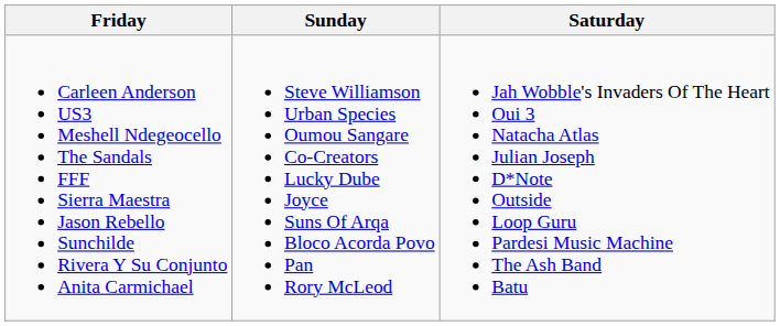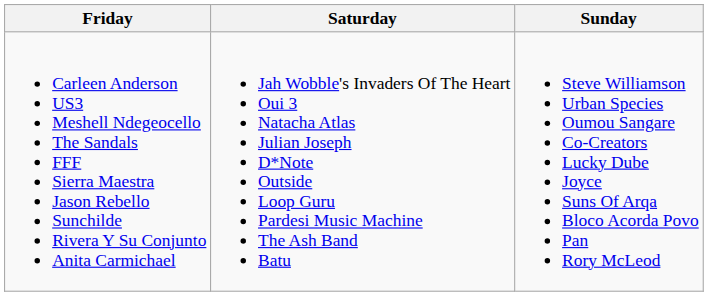 <table class="wikitable">
 <tr>
 <th>Friday</th>
+<th>Saturday</th>
 <th>Sunday</th>
-<th>Saturday</th>
 </tr>
 <tr valign="top">
 <td><br><ul><li><a href='#'>Carleen Anderson</a></li><li><a href='#'>US3</a></li><li><a href='#'>Meshell Ndegeocello</a></li><li><a href='#'>The Sandals</a></li><li><a href='#'>FFF</a></li><li><a href='#'>Sierra Maestra</a></li><li><a href='#'>Jason Rebello</a></li><li><a href='#'>Sunchilde</a></li><li><a href='#'>Rivera Y Su Conjunto</a></li><li><a href='#'>Anita Carmichael</a></li></ul></td>
+<td><br><ul><li><a href='#'>Jah Wobble</a>'s Invaders Of The Heart</li><li><a href='#'>Oui 3</a></li><li><a href='#'>Natacha Atlas</a></li><li><a href='#'>Julian Joseph</a></li><li><a href='#'>D*Note</a></li><li><a href='#'>Outside</a></li><li><a href='#'>Loop Guru</a></li><li><a href='#'>Pardesi Music Machine</a></li><li><a href='#'>The Ash Band</a></li><li><a href='#'>Batu</a></li></ul></td>
 <td><br><ul><li><a href='#'>Steve Williamson</a></li><li><a href='#'>Urban Species</a></li><li><a href='#'>Oumou Sangare</a></li><li><a href='#'>Co-Creators</a></li><li><a href='#'>Lucky Dube</a></li><li><a href='#'>Joyce</a></li><li><a href='#'>Suns Of Arqa</a></li><li><a href='#'>Bloco Acorda Povo</a></li><li><a href='#'>Pan</a></li><li><a href='#'>Rory McLeod</a></li></ul></td>
-<td><br><ul><li><a href='#'>Jah Wobble</a>'s Invaders Of The Heart</li><li><a href='#'>Oui 3</a></li><li><a href='#'>Natacha Atlas</a></li><li><a href='#'>Julian Joseph</a></li><li><a href='#'>D*Note</a></li><li><a href='#'>Outside</a></li><li><a href='#'>Loop Guru</a></li><li><a href='#'>Pardesi Music Machine</a></li><li><a href='#'>The Ash Band</a></li><li><a href='#'>Batu</a></li></ul></td>
 </tr>
 </table>
